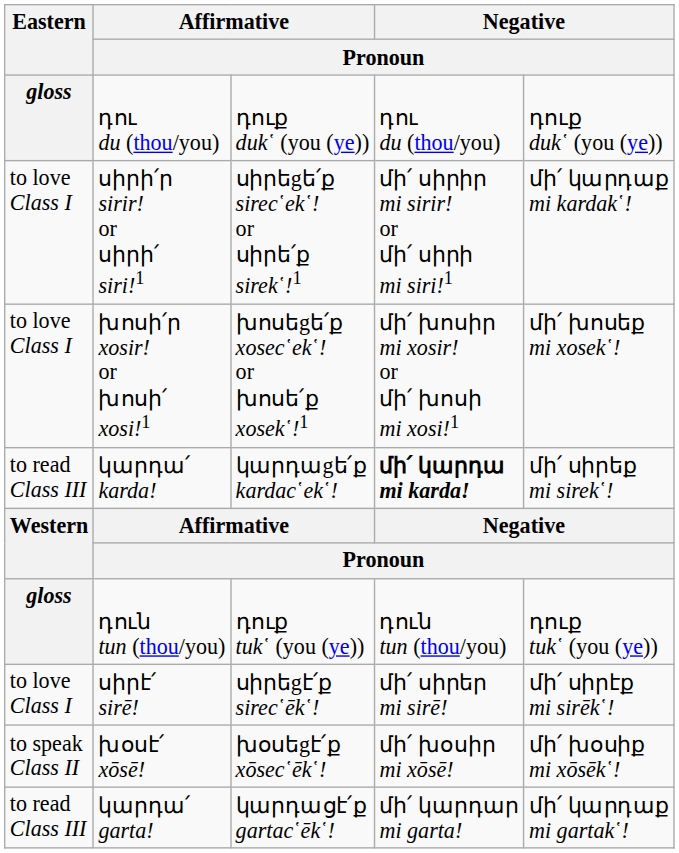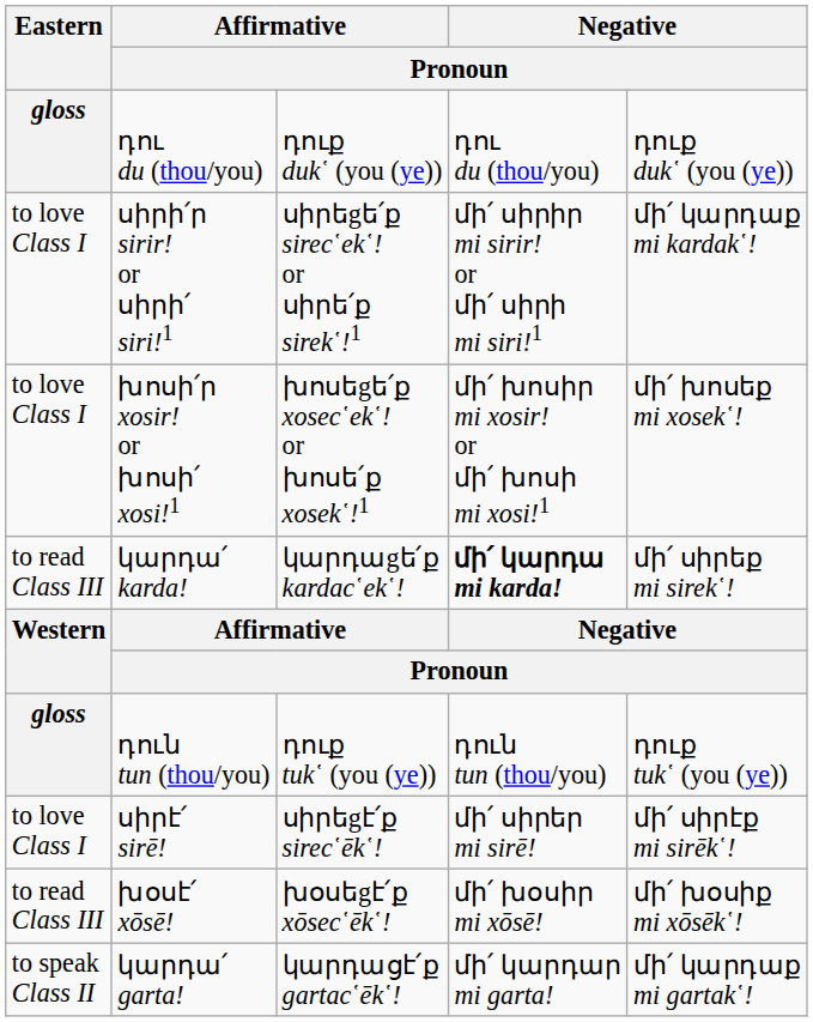 <table class="wikitable">
 <tr valign=top>
 <th rowspan=2>Eastern</th>
 <th colspan=2>Affirmative</th>
 <th colspan=2>Negative</th>
 </tr>
 <tr valign=top>
 <th colspan=4>Pronoun</th>
 </tr>
 <tr valign=top>
 <th><em>gloss</em></th>
 <td><br>դու<br><em>du</em> (<a href='#'>thou</a>/you)</td>
 <td><br>դուք<br><em>duk῾</em> (you (<a href='#'>ye</a>))</td>
 <td><br>դու<br><em>du</em> (<a href='#'>thou</a>/you)</td>
 <td><br>դուք<br><em>duk῾</em> (you (<a href='#'>ye</a>))</td>
 </tr>
 <tr valign=top>
 <td>to love<br><em>Class I</em></td>
 <td>սիրի՛ր<br><em>sirir!</em><br>or <br>սիրի՛<br><em>siri!</em><sup>1</sup></td>
 <td>սիրեgե՛ք<br><em>sirec῾ek῾!</em><br>or <br>սիրե՛ք<br><em>sirek῾!</em><sup>1</sup></td>
 <td>մի՛ սիրիր<br><em>mi sirir!</em><br>or <br>մի՛ սիրի<br><em>mi siri!</em><sup>1</sup></td>
 <td>մի՛ կարդաք<br><em>mi kardak῾!</em></td>
 </tr>
 <tr valign=top>
 <td>to love<br><em>Class I</em></td>
 <td>խոսի՛ր<br><em>xosir!</em><br>or <br>խոսի՛<br><em>xosi!</em><sup>1</sup></td>
 <td>խոսեgե՛ք<br><em>xosec῾ek῾!</em><br>or <br>խոսե՛ք<br><em>xosek῾!</em><sup>1</sup></td>
 <td>մի՛ խոսիր<br><em>mi xosir!</em><br>or <br>մի՛ խոսի<br><em>mi xosi!</em><sup>1</sup></td>
 <td>մի՛ խոսեք<br><em>mi xosek῾!</em></td>
 </tr>
 <tr valign=top>
 <td>to read<br><em>Class III</em></td>
 <td>կարդա՛<br><em>karda!</em></td>
 <td>կարդաgե՛ք<br><em>kardac῾ek῾!</em></td>
 <td><strong>մի՛ կարդա<br><em>mi karda!</em></strong></td>
 <td>մի՛ սիրեք<br><em>mi sirek῾!</em></td>
 </tr>
 <tr valign=top>
 <th rowspan=2>Western</th>
 <th colspan=2>Affirmative</th>
 <th colspan=2>Negative</th>
 </tr>
 <tr valign=top>
 <th colspan=4>Pronoun</th>
 </tr>
 <tr valign=top>
 <th><em>gloss</em></th>
 <td><br>դուն<br><em>tun</em> (<a href='#'>thou</a>/you)</td>
 <td><br>դուք<br><em>tuk῾</em> (you (<a href='#'>ye</a>))</td>
 <td><br>դուն<br><em>tun</em> (<a href='#'>thou</a>/you)</td>
 <td><br>դուք<br><em>tuk῾</em> (you (<a href='#'>ye</a>))</td>
 </tr>
 <tr valign=top>
 <td>to love<br><em>Class I</em></td>
 <td>սիրէ՛<br><em>sirē!</em></td>
 <td>սիրեgէ՛ք<br><em>sirec῾ēk῾!</em></td>
 <td>մի՛ սիրեր<br><em>mi sirē!</em></td>
 <td>մի՛ սիրէք<br><em>mi sirēk῾!</em></td>
 </tr>
 <tr valign=top>
-<td>to speak<br><em>Class II</em></td>
+<td>to read<br><em>Class III</em></td>
 <td>խօսէ՛<br><em>xōsē!</em></td>
 <td>խօսեgէ՛ք<br><em>xōsec῾ēk῾!</em></td>
 <td>մի՛ խօսիր<br><em>mi xōsē!</em></td>
 <td>մի՛ խօսիք<br><em>mi xōsēk῾!</em></td>
 </tr>
 <tr valign=top>
-<td>to read<br><em>Class III</em></td>
+<td>to speak<br><em>Class II</em></td>
 <td>կարդա՛<br><em>garta!</em></td>
 <td>կարդացէ՛ք<br><em>gartac῾ēk῾!</em></td>
 <td>մի՛ կարդար<br><em>mi garta!</em></td>
 <td>մի՛ կարդաք<br><em>mi gartak῾!</em></td>
 </tr>
 </table>
